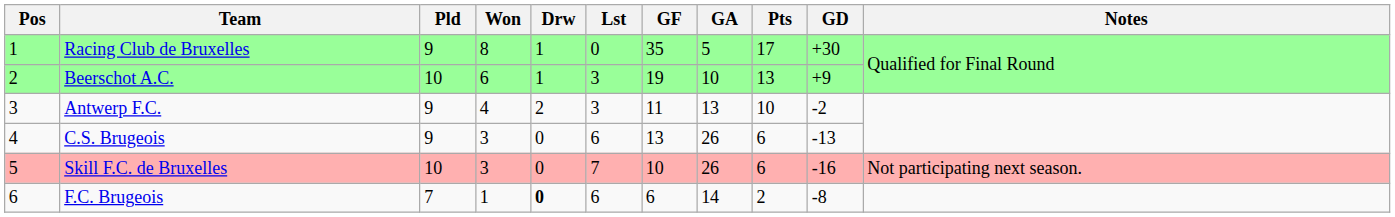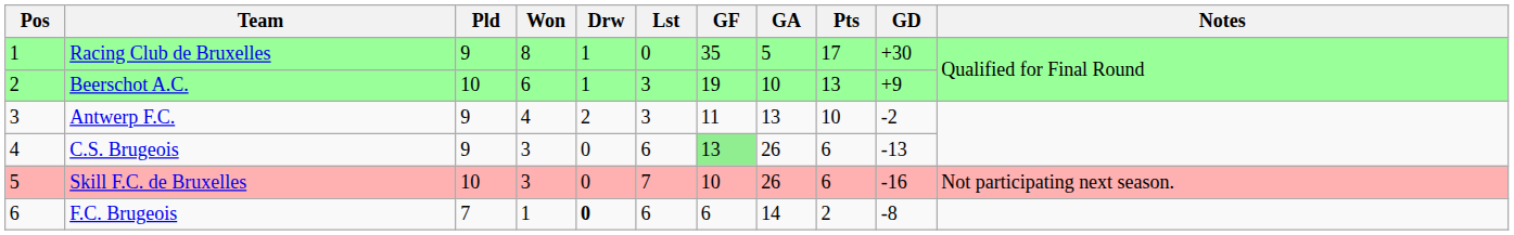 <table class="wikitable" width=70% style="font-size:90%">
 <tr>
 <th width=4%><strong>Pos</strong></th>
 <th width=26%><strong>Team</strong></th>
 <th width=4%><strong>Pld</strong></th>
 <th width=4%><strong>Won</strong></th>
 <th width=4%><strong>Drw</strong></th>
 <th width=4%><strong>Lst</strong></th>
 <th width=4%><strong>GF</strong></th>
 <th width=4%><strong>GA</strong></th>
 <th width=4%><strong>Pts</strong></th>
 <th width=4%><strong>GD</strong></th>
 <th width=38%><strong>Notes</strong></th>
 </tr>
 <tr bgcolor=#99ff99>
 <td>1</td>
 <td><a href='#'>Racing Club de Bruxelles</a></td>
 <td>9</td>
 <td>8</td>
 <td>1</td>
 <td>0</td>
 <td>35</td>
 <td>5</td>
 <td>17</td>
 <td>+30</td>
 <td rowspan=2>Qualified for Final Round</td>
 </tr>
 <tr bgcolor=#99ff99>
 <td>2</td>
 <td><a href='#'>Beerschot A.C.</a></td>
 <td>10</td>
 <td>6</td>
 <td>1</td>
 <td>3</td>
 <td>19</td>
 <td>10</td>
 <td>13</td>
 <td>+9</td>
 </tr>
 <tr>
 <td>3</td>
 <td><a href='#'>Antwerp F.C.</a></td>
 <td>9</td>
 <td>4</td>
 <td>2</td>
 <td>3</td>
 <td>11</td>
 <td>13</td>
 <td>10</td>
 <td>-2</td>
 </tr>
 <tr>
 <td>4</td>
 <td><a href='#'>C.S. Brugeois</a></td>
 <td>9</td>
 <td>3</td>
 <td>0</td>
 <td>6</td>
-<td>13</td>
+<td style="background: lightgreen;">13</td>
 <td>26</td>
 <td>6</td>
 <td>-13</td>
 </tr>
 <tr bgcolor=#ffb0b0>
 <td>5</td>
 <td><a href='#'>Skill F.C. de Bruxelles</a></td>
 <td>10</td>
 <td>3</td>
 <td>0</td>
 <td>7</td>
 <td>10</td>
 <td>26</td>
 <td>6</td>
 <td>-16</td>
 <td>Not participating next season.</td>
 </tr>
 <tr>
 <td>6</td>
 <td><a href='#'>F.C. Brugeois</a></td>
 <td>7</td>
 <td>1</td>
 <td><strong>0</strong></td>
 <td>6</td>
 <td>6</td>
 <td>14</td>
 <td>2</td>
 <td>-8</td>
 </tr>
 </table>
